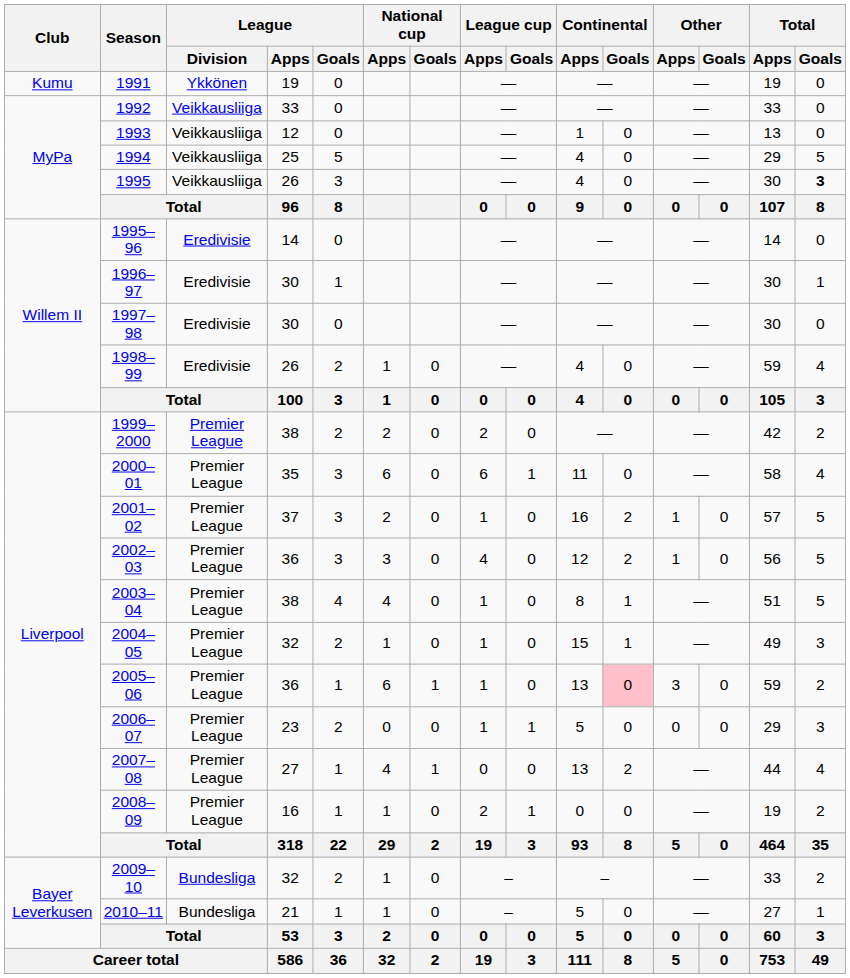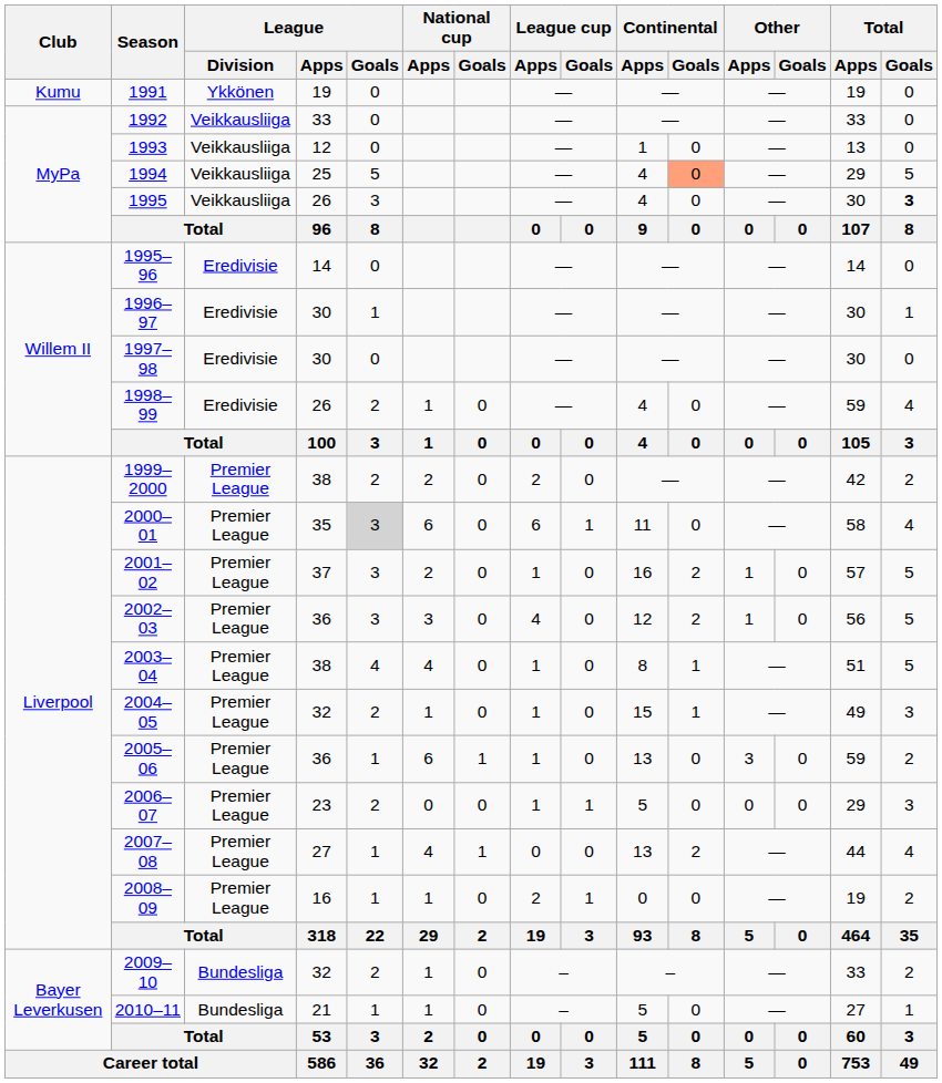 <table class="wikitable" style="text-align:center">
 <tr>
 <th rowspan="2">Club</th>
 <th rowspan="2">Season</th>
 <th colspan="3">League</th>
 <th colspan="2">National cup</th>
 <th colspan="2">League cup</th>
 <th colspan="2">Continental</th>
 <th colspan="2">Other</th>
 <th colspan="2">Total</th>
 </tr>
 <tr>
 <th>Division</th>
 <th>Apps</th>
 <th>Goals</th>
 <th>Apps</th>
 <th>Goals</th>
 <th>Apps</th>
 <th>Goals</th>
 <th>Apps</th>
 <th>Goals</th>
 <th>Apps</th>
 <th>Goals</th>
 <th>Apps</th>
 <th>Goals</th>
 </tr>
 <tr>
 <td><a href='#'>Kumu</a></td>
 <td><a href='#'>1991</a></td>
 <td><a href='#'>Ykkönen</a></td>
 <td>19</td>
 <td>0</td>
 <td></td>
 <td></td>
 <td colspan="2">—</td>
 <td colspan="2">—</td>
 <td colspan="2">—</td>
 <td>19</td>
 <td>0</td>
 </tr>
 <tr>
 <td rowspan="5"><a href='#'>MyPa</a></td>
 <td><a href='#'>1992</a></td>
 <td><a href='#'>Veikkausliiga</a></td>
 <td>33</td>
 <td>0</td>
 <td></td>
 <td></td>
 <td colspan="2">—</td>
 <td colspan="2">—</td>
 <td colspan="2">—</td>
 <td>33</td>
 <td>0</td>
 </tr>
 <tr>
 <td><a href='#'>1993</a></td>
 <td>Veikkausliiga</td>
 <td>12</td>
 <td>0</td>
 <td></td>
 <td></td>
 <td colspan="2">—</td>
 <td>1</td>
 <td>0</td>
 <td colspan="2">—</td>
 <td>13</td>
 <td>0</td>
 </tr>
 <tr>
 <td><a href='#'>1994</a></td>
 <td>Veikkausliiga</td>
 <td>25</td>
 <td>5</td>
 <td></td>
 <td></td>
 <td colspan="2">—</td>
 <td>4</td>
-<td>0</td>
+<td style="background: lightsalmon;">0</td>
 <td colspan="2">—</td>
 <td>29</td>
 <td>5</td>
 </tr>
 <tr>
 <td><a href='#'>1995</a></td>
 <td>Veikkausliiga</td>
 <td>26</td>
 <td>3</td>
 <td></td>
 <td></td>
 <td colspan="2">—</td>
 <td>4</td>
 <td>0</td>
 <td colspan="2">—</td>
 <td>30</td>
 <td><strong>3</strong></td>
 </tr>
 <tr>
 <th colspan="2">Total</th>
 <th>96</th>
 <th>8</th>
 <th></th>
 <th></th>
 <th>0</th>
 <th>0</th>
 <th>9</th>
 <th>0</th>
 <th>0</th>
 <th>0</th>
 <th>107</th>
 <th>8</th>
 </tr>
 <tr>
 <td rowspan="5"><a href='#'>Willem II</a></td>
 <td><a href='#'>1995–96</a></td>
 <td><a href='#'>Eredivisie</a></td>
 <td>14</td>
 <td>0</td>
 <td></td>
 <td></td>
 <td colspan="2">—</td>
 <td colspan="2">—</td>
 <td colspan="2">—</td>
 <td>14</td>
 <td>0</td>
 </tr>
 <tr>
 <td><a href='#'>1996–97</a></td>
 <td>Eredivisie</td>
 <td>30</td>
 <td>1</td>
 <td></td>
 <td></td>
 <td colspan="2">—</td>
 <td colspan="2">—</td>
 <td colspan="2">—</td>
 <td>30</td>
 <td>1</td>
 </tr>
 <tr>
 <td><a href='#'>1997–98</a></td>
 <td>Eredivisie</td>
 <td>30</td>
 <td>0</td>
 <td></td>
 <td></td>
 <td colspan="2">—</td>
 <td colspan="2">—</td>
 <td colspan="2">—</td>
 <td>30</td>
 <td>0</td>
 </tr>
 <tr>
 <td><a href='#'>1998–99</a></td>
 <td>Eredivisie</td>
 <td>26</td>
 <td>2</td>
 <td>1</td>
 <td>0</td>
 <td colspan="2">—</td>
 <td>4</td>
 <td>0</td>
 <td colspan="2">—</td>
 <td>59</td>
 <td>4</td>
 </tr>
 <tr>
 <th colspan="2">Total</th>
 <th>100</th>
 <th>3</th>
 <th>1</th>
 <th>0</th>
 <th>0</th>
 <th>0</th>
 <th>4</th>
 <th>0</th>
 <th>0</th>
 <th>0</th>
 <th>105</th>
 <th>3</th>
 </tr>
 <tr>
 <td rowspan="11"><a href='#'>Liverpool</a></td>
 <td><a href='#'>1999–2000</a></td>
 <td><a href='#'>Premier League</a></td>
 <td>38</td>
 <td>2</td>
 <td>2</td>
 <td>0</td>
 <td>2</td>
 <td>0</td>
 <td colspan="2">—</td>
 <td colspan="2">—</td>
 <td>42</td>
 <td>2</td>
 </tr>
 <tr>
 <td><a href='#'>2000–01</a></td>
 <td>Premier League</td>
 <td>35</td>
-<td>3</td>
+<td style="background: lightgrey;">3</td>
 <td>6</td>
 <td>0</td>
 <td>6</td>
 <td>1</td>
 <td>11</td>
 <td>0</td>
 <td colspan="2">—</td>
 <td>58</td>
 <td>4</td>
 </tr>
 <tr>
 <td><a href='#'>2001–02</a></td>
 <td>Premier League</td>
 <td>37</td>
 <td>3</td>
 <td>2</td>
 <td>0</td>
 <td>1</td>
 <td>0</td>
 <td>16</td>
 <td>2</td>
 <td>1</td>
 <td>0</td>
 <td>57</td>
 <td>5</td>
 </tr>
 <tr>
 <td><a href='#'>2002–03</a></td>
 <td>Premier League</td>
 <td>36</td>
 <td>3</td>
 <td>3</td>
 <td>0</td>
 <td>4</td>
 <td>0</td>
 <td>12</td>
 <td>2</td>
 <td>1</td>
 <td>0</td>
 <td>56</td>
 <td>5</td>
 </tr>
 <tr>
 <td><a href='#'>2003–04</a></td>
 <td>Premier League</td>
 <td>38</td>
 <td>4</td>
 <td>4</td>
 <td>0</td>
 <td>1</td>
 <td>0</td>
 <td>8</td>
 <td>1</td>
 <td colspan="2">—</td>
 <td>51</td>
 <td>5</td>
 </tr>
 <tr>
 <td><a href='#'>2004–05</a></td>
 <td>Premier League</td>
 <td>32</td>
 <td>2</td>
 <td>1</td>
 <td>0</td>
 <td>1</td>
 <td>0</td>
 <td>15</td>
 <td>1</td>
 <td colspan="2">—</td>
 <td>49</td>
 <td>3</td>
 </tr>
 <tr>
 <td><a href='#'>2005–06</a></td>
 <td>Premier League</td>
 <td>36</td>
 <td>1</td>
 <td>6</td>
 <td>1</td>
 <td>1</td>
 <td>0</td>
 <td>13</td>
-<td style="background: pink;">0</td>
+<td>0</td>
 <td>3</td>
 <td>0</td>
 <td>59</td>
 <td>2</td>
 </tr>
 <tr>
 <td><a href='#'>2006–07</a></td>
 <td>Premier League</td>
 <td>23</td>
 <td>2</td>
 <td>0</td>
 <td>0</td>
 <td>1</td>
 <td>1</td>
 <td>5</td>
 <td>0</td>
 <td>0</td>
 <td>0</td>
 <td>29</td>
 <td>3</td>
 </tr>
 <tr>
 <td><a href='#'>2007–08</a></td>
 <td>Premier League</td>
 <td>27</td>
 <td>1</td>
 <td>4</td>
 <td>1</td>
 <td>0</td>
 <td>0</td>
 <td>13</td>
 <td>2</td>
 <td colspan="2">—</td>
 <td>44</td>
 <td>4</td>
 </tr>
 <tr>
 <td><a href='#'>2008–09</a></td>
 <td>Premier League</td>
 <td>16</td>
 <td>1</td>
 <td>1</td>
 <td>0</td>
 <td>2</td>
 <td>1</td>
 <td>0</td>
 <td>0</td>
 <td colspan="2">—</td>
 <td>19</td>
 <td>2</td>
 </tr>
 <tr>
 <th colspan="2">Total</th>
 <th>318</th>
 <th>22</th>
 <th>29</th>
 <th>2</th>
 <th>19</th>
 <th>3</th>
 <th>93</th>
 <th>8</th>
 <th>5</th>
 <th>0</th>
 <th>464</th>
 <th>35</th>
 </tr>
 <tr>
 <td rowspan="3"><a href='#'>Bayer Leverkusen</a></td>
 <td><a href='#'>2009–10</a></td>
 <td><a href='#'>Bundesliga</a></td>
 <td>32</td>
 <td>2</td>
 <td>1</td>
 <td>0</td>
 <td colspan="2">–</td>
 <td colspan="2">–</td>
 <td colspan="2">—</td>
 <td>33</td>
 <td>2</td>
 </tr>
 <tr>
 <td><a href='#'>2010–11</a></td>
 <td>Bundesliga</td>
 <td>21</td>
 <td>1</td>
 <td>1</td>
 <td>0</td>
 <td colspan="2">–</td>
 <td>5</td>
 <td>0</td>
 <td colspan="2">—</td>
 <td>27</td>
 <td>1</td>
 </tr>
 <tr>
 <th colspan="2">Total</th>
 <th>53</th>
 <th>3</th>
 <th>2</th>
 <th>0</th>
 <th>0</th>
 <th>0</th>
 <th>5</th>
 <th>0</th>
 <th>0</th>
 <th>0</th>
 <th>60</th>
 <th>3</th>
 </tr>
 <tr>
 <th colspan="3">Career total</th>
 <th>586</th>
 <th>36</th>
 <th>32</th>
 <th>2</th>
 <th>19</th>
 <th>3</th>
 <th>111</th>
 <th>8</th>
 <th>5</th>
 <th>0</th>
 <th>753</th>
 <th>49</th>
 </tr>
 </table>
